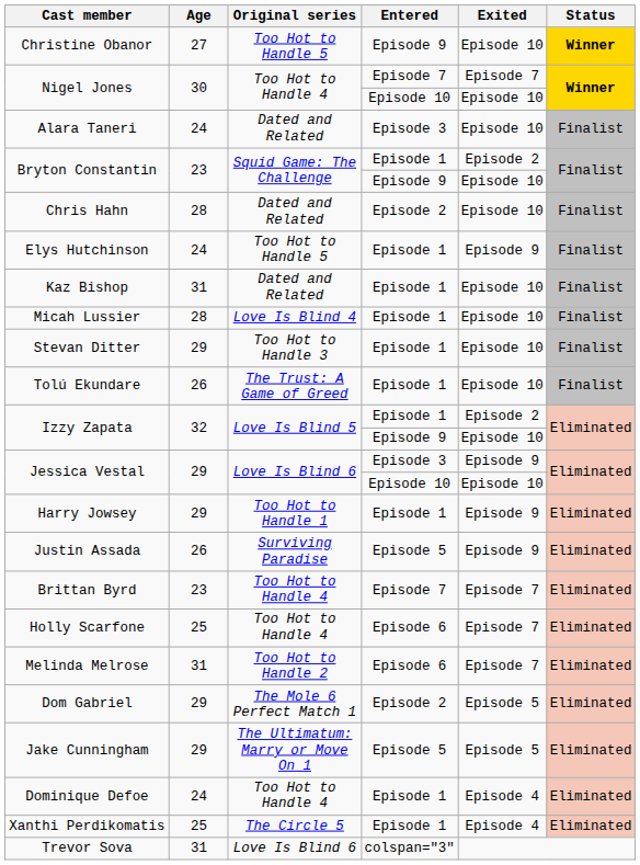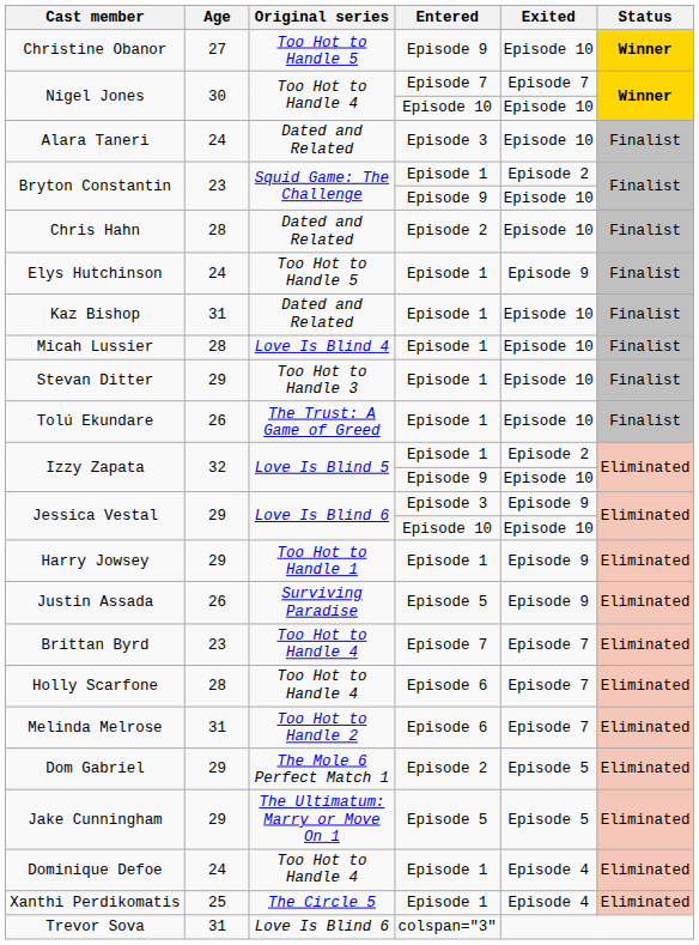 <table class="wikitable sortable" style="text-align:center;">
 <tr>
 <th style="width:150px;"><strong>Cast member</strong></th>
 <th style="width:50px;"><strong>Age</strong></th>
 <th style="width:120px;"><strong>Original series</strong></th>
 <th style="width:50px;"><strong>Entered</strong></th>
 <th><strong>Exited</strong></th>
 <th>Status</th>
 </tr>
 <tr>
 <td>Christine Obanor</td>
 <td>27</td>
 <td><a href='#'><em>Too Hot to Handle 5</em></a></td>
 <td nowrap>Episode 9</td>
 <td nowrap>Episode 10</td>
 <td style="background:gold;"><strong>Winner</strong></td>
 </tr>
 <tr>
 <td rowspan=2>Nigel Jones</td>
 <td rowspan=2>30</td>
 <td rowspan=2><em>Too Hot to Handle 4</em></td>
 <td>Episode 7</td>
 <td>Episode 7</td>
 <td style="background:gold;" rowspan=2><strong>Winner</strong></td>
 </tr>
 <tr>
 <td nowrap>Episode 10</td>
 <td>Episode 10</td>
 </tr>
 <tr>
 <td>Alara Taneri</td>
 <td>24</td>
 <td><em>Dated and Related</em></td>
 <td>Episode 3</td>
 <td>Episode 10</td>
 <td style="background:silver;">Finalist</td>
 </tr>
 <tr>
 <td rowspan=2>Bryton Constantin</td>
 <td rowspan=2>23</td>
 <td rowspan=2><em><a href='#'>Squid Game: The Challenge</a></em></td>
 <td>Episode 1</td>
 <td>Episode 2</td>
 <td style="background:silver;" rowspan=2>Finalist</td>
 </tr>
 <tr>
 <td>Episode 9</td>
 <td>Episode 10</td>
 </tr>
 <tr>
 <td>Chris Hahn</td>
 <td>28</td>
 <td><em>Dated and Related</em></td>
 <td>Episode 2</td>
 <td>Episode 10</td>
 <td style="background:silver;">Finalist</td>
 </tr>
 <tr>
 <td>Elys Hutchinson</td>
 <td>24</td>
 <td><em>Too Hot to Handle 5</em></td>
 <td>Episode 1</td>
 <td>Episode 9</td>
 <td style="background:silver;">Finalist</td>
 </tr>
 <tr>
 <td>Kaz Bishop</td>
 <td>31</td>
 <td><em>Dated and Related</em></td>
 <td>Episode 1</td>
 <td>Episode 10</td>
 <td style="background:silver;">Finalist</td>
 </tr>
 <tr>
 <td>Micah Lussier</td>
 <td>28</td>
 <td><a href='#'><em>Love Is Blind 4</em></a></td>
 <td>Episode 1</td>
 <td>Episode 10</td>
 <td style="background:silver;">Finalist</td>
 </tr>
 <tr>
 <td>Stevan Ditter</td>
 <td>29</td>
 <td><em>Too Hot to Handle 3</em></td>
 <td>Episode 1</td>
 <td>Episode 10</td>
 <td style="background:silver;">Finalist</td>
 </tr>
 <tr>
 <td>Tolú Ekundare</td>
 <td>26</td>
 <td><em><a href='#'>The Trust: A Game of Greed</a></em></td>
 <td>Episode 1</td>
 <td>Episode 10</td>
 <td style="background:silver;">Finalist</td>
 </tr>
 <tr>
 <td rowspan=2>Izzy Zapata</td>
 <td rowspan=2>32</td>
 <td rowspan=2><a href='#'><em>Love Is Blind 5</em></a></td>
 <td>Episode 1</td>
 <td>Episode 2</td>
 <td style="background:#f4c7b8;" rowspan=2>Eliminated</td>
 </tr>
 <tr>
 <td>Episode 9</td>
 <td>Episode 10</td>
 </tr>
 <tr>
 <td rowspan=2>Jessica Vestal</td>
 <td rowspan=2>29</td>
 <td rowspan=2><a href='#'><em>Love Is Blind 6</em></a></td>
 <td>Episode 3</td>
 <td>Episode 9</td>
 <td style="background:#f4c7b8;" rowspan=2>Eliminated</td>
 </tr>
 <tr>
 <td>Episode 10</td>
 <td>Episode 10</td>
 </tr>
 <tr>
 <td>Harry Jowsey</td>
 <td>29</td>
 <td><a href='#'><em>Too Hot to Handle 1</em></a></td>
 <td>Episode 1</td>
 <td>Episode 9</td>
 <td style="background:#f4c7b8;">Eliminated</td>
 </tr>
 <tr>
 <td>Justin Assada</td>
 <td>26</td>
 <td><a href='#'><em>Surviving Paradise</em></a></td>
 <td>Episode 5</td>
 <td>Episode 9</td>
 <td style="background:#f4c7b8;">Eliminated</td>
 </tr>
 <tr>
 <td>Brittan Byrd</td>
 <td>23</td>
 <td><a href='#'><em>Too Hot to Handle 4</em></a></td>
 <td>Episode 7</td>
 <td>Episode 7</td>
 <td style="background:#f4c7b8;">Eliminated</td>
 </tr>
 <tr>
 <td>Holly Scarfone</td>
-<td>25</td>
+<td>28</td>
 <td><em>Too Hot to Handle 4</em></td>
 <td>Episode 6</td>
 <td>Episode 7</td>
 <td style="background:#f4c7b8;">Eliminated</td>
 </tr>
 <tr>
 <td>Melinda Melrose</td>
 <td>31</td>
 <td><em><a href='#'>Too Hot to Handle 2</a></em></td>
 <td>Episode 6</td>
 <td>Episode 7</td>
 <td style="background:#f4c7b8;">Eliminated</td>
 </tr>
 <tr>
 <td>Dom Gabriel</td>
 <td>29</td>
 <td><a href='#'><em>The Mole 6</em></a><br><em>Perfect Match 1</em></td>
 <td>Episode 2</td>
 <td>Episode 5</td>
 <td style="background:#f4c7b8;">Eliminated</td>
 </tr>
 <tr>
 <td>Jake Cunningham</td>
 <td>29</td>
 <td><a href='#'><em>The Ultimatum: Marry or Move On 1</em></a></td>
 <td>Episode 5</td>
 <td>Episode 5</td>
 <td style="background:#f4c7b8;">Eliminated</td>
 </tr>
 <tr>
 <td>Dominique Defoe</td>
 <td>24</td>
 <td><em>Too Hot to Handle 4</em></td>
 <td>Episode 1</td>
 <td>Episode 4</td>
 <td style="background:#f4c7b8;">Eliminated</td>
 </tr>
 <tr>
 <td>Xanthi Perdikomatis</td>
 <td>25</td>
 <td><a href='#'><em>The Circle 5</em></a></td>
 <td>Episode 1</td>
 <td>Episode 4</td>
 <td style="background:#f4c7b8;">Eliminated</td>
 </tr>
 <tr>
 <td>Trevor Sova</td>
 <td>31</td>
 <td><em>Love Is Blind 6</em></td>
 <td>colspan="3" </td>
 </tr>
 </table>
